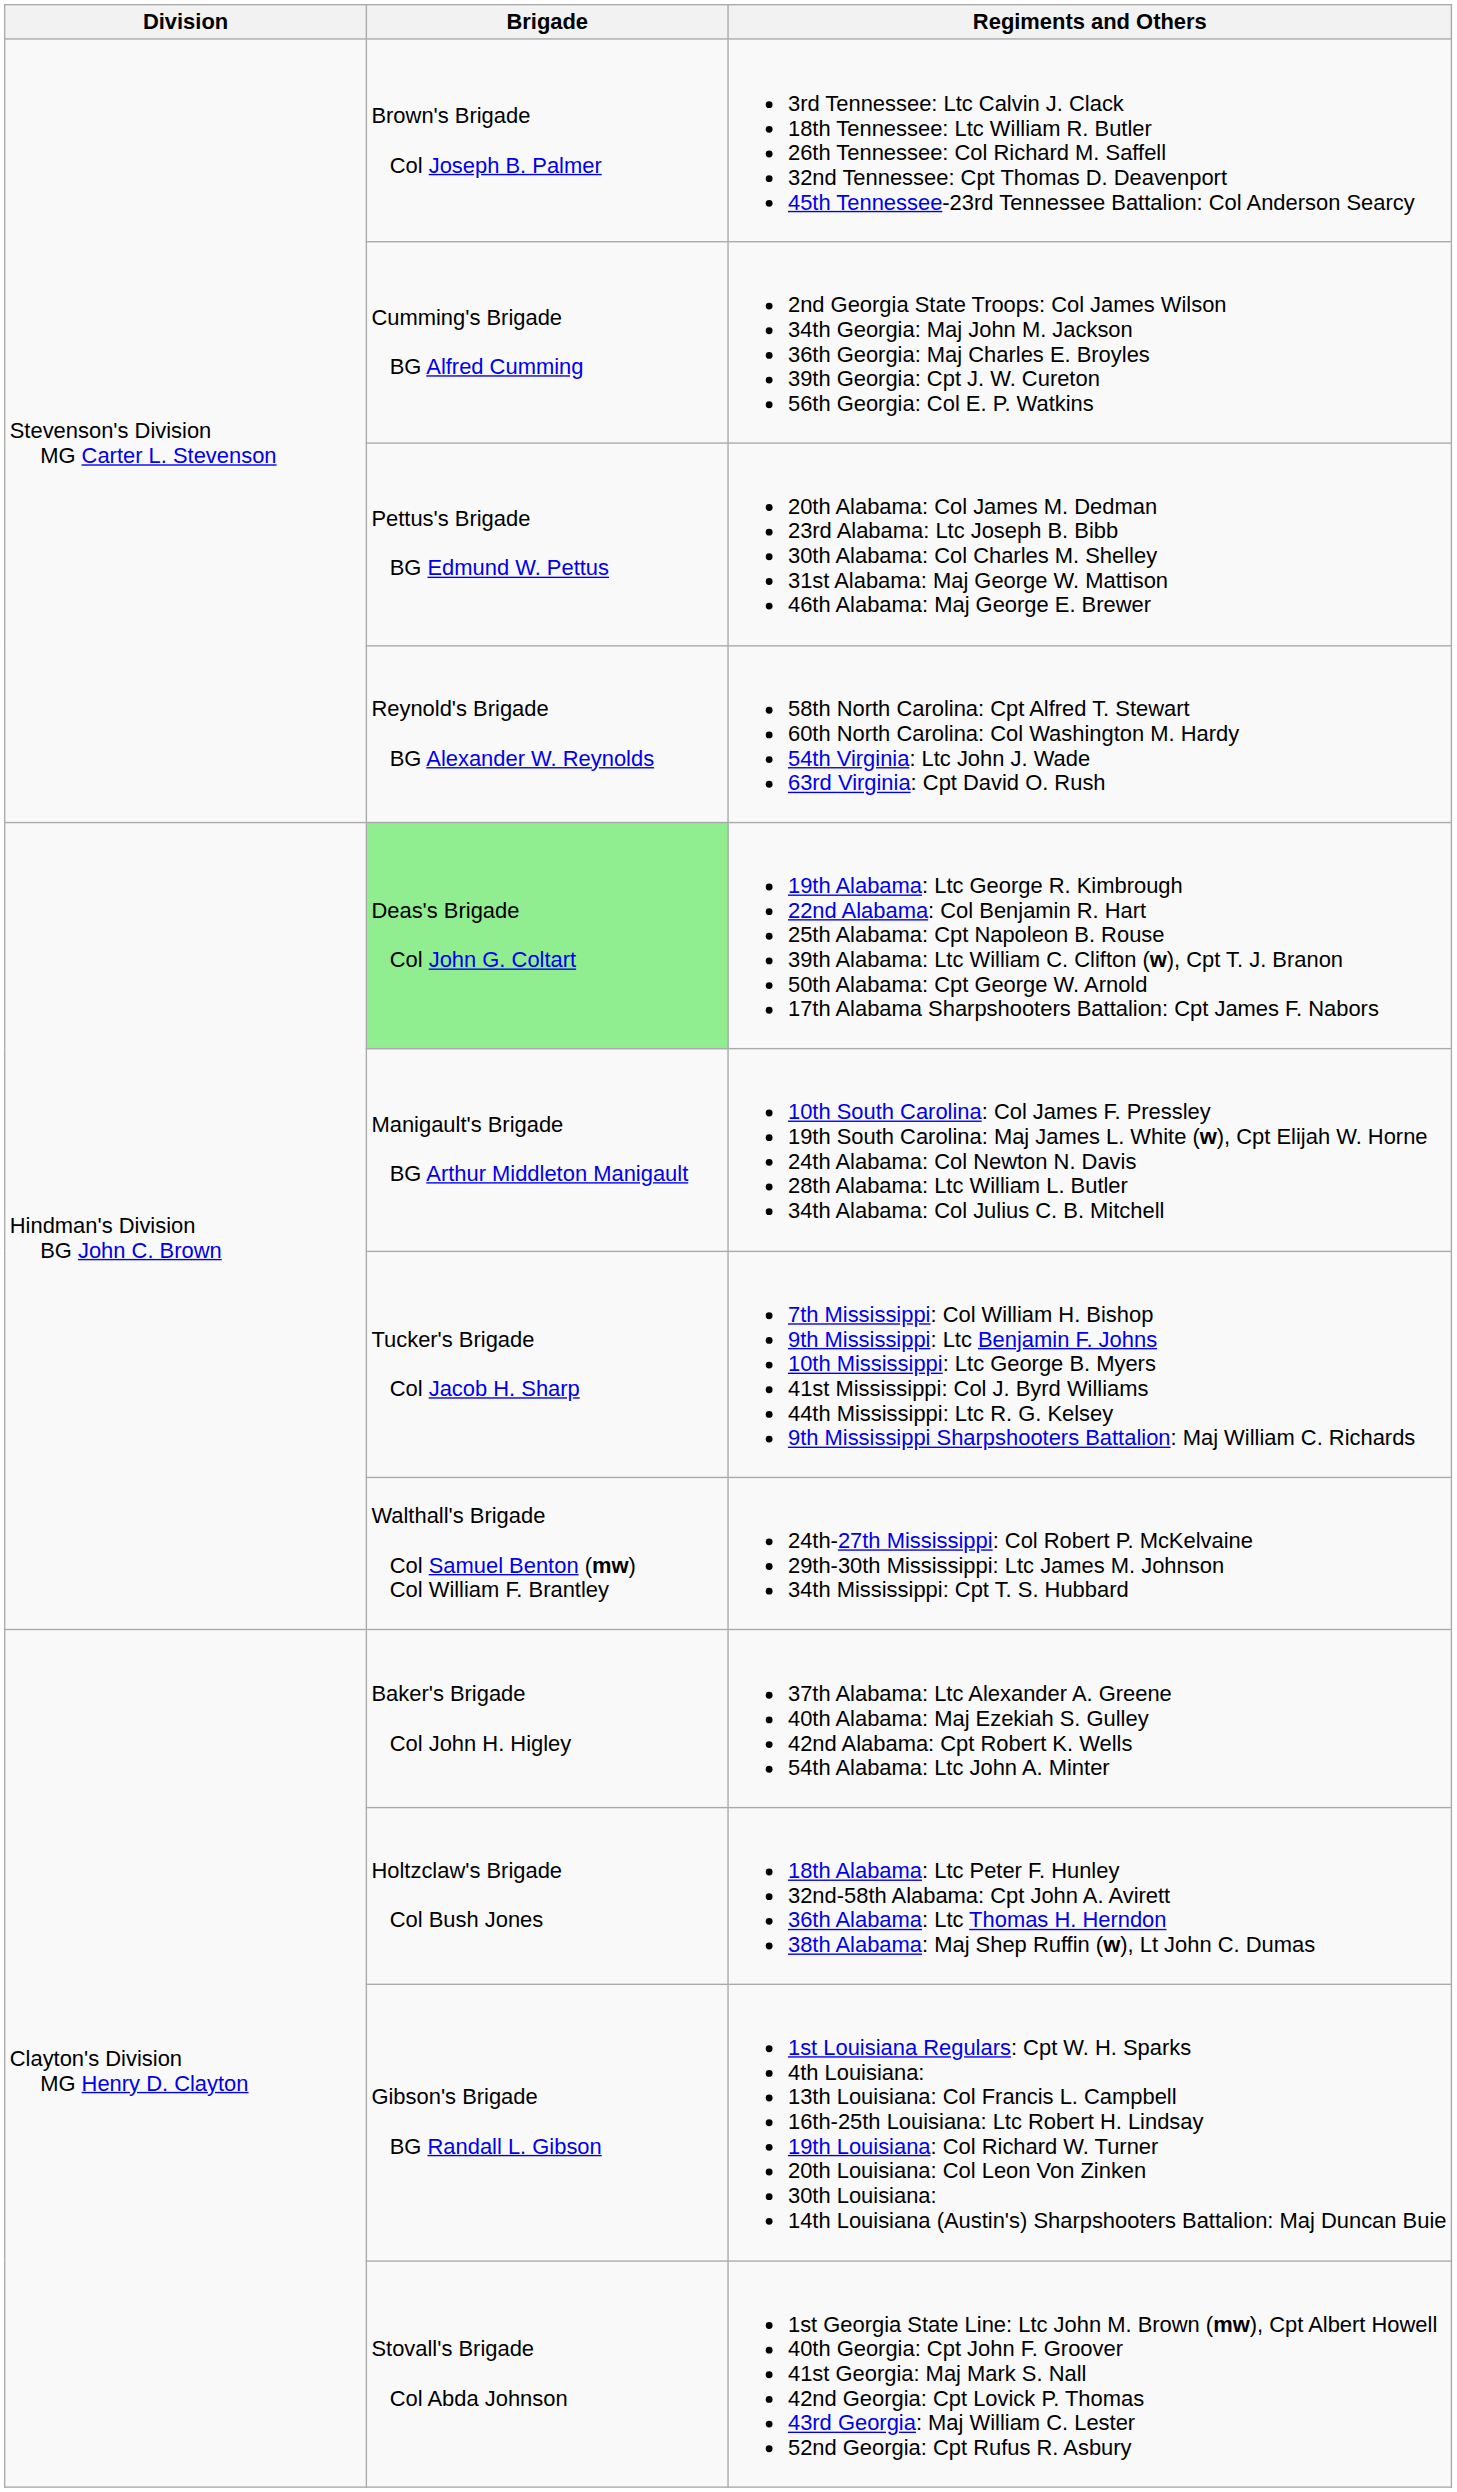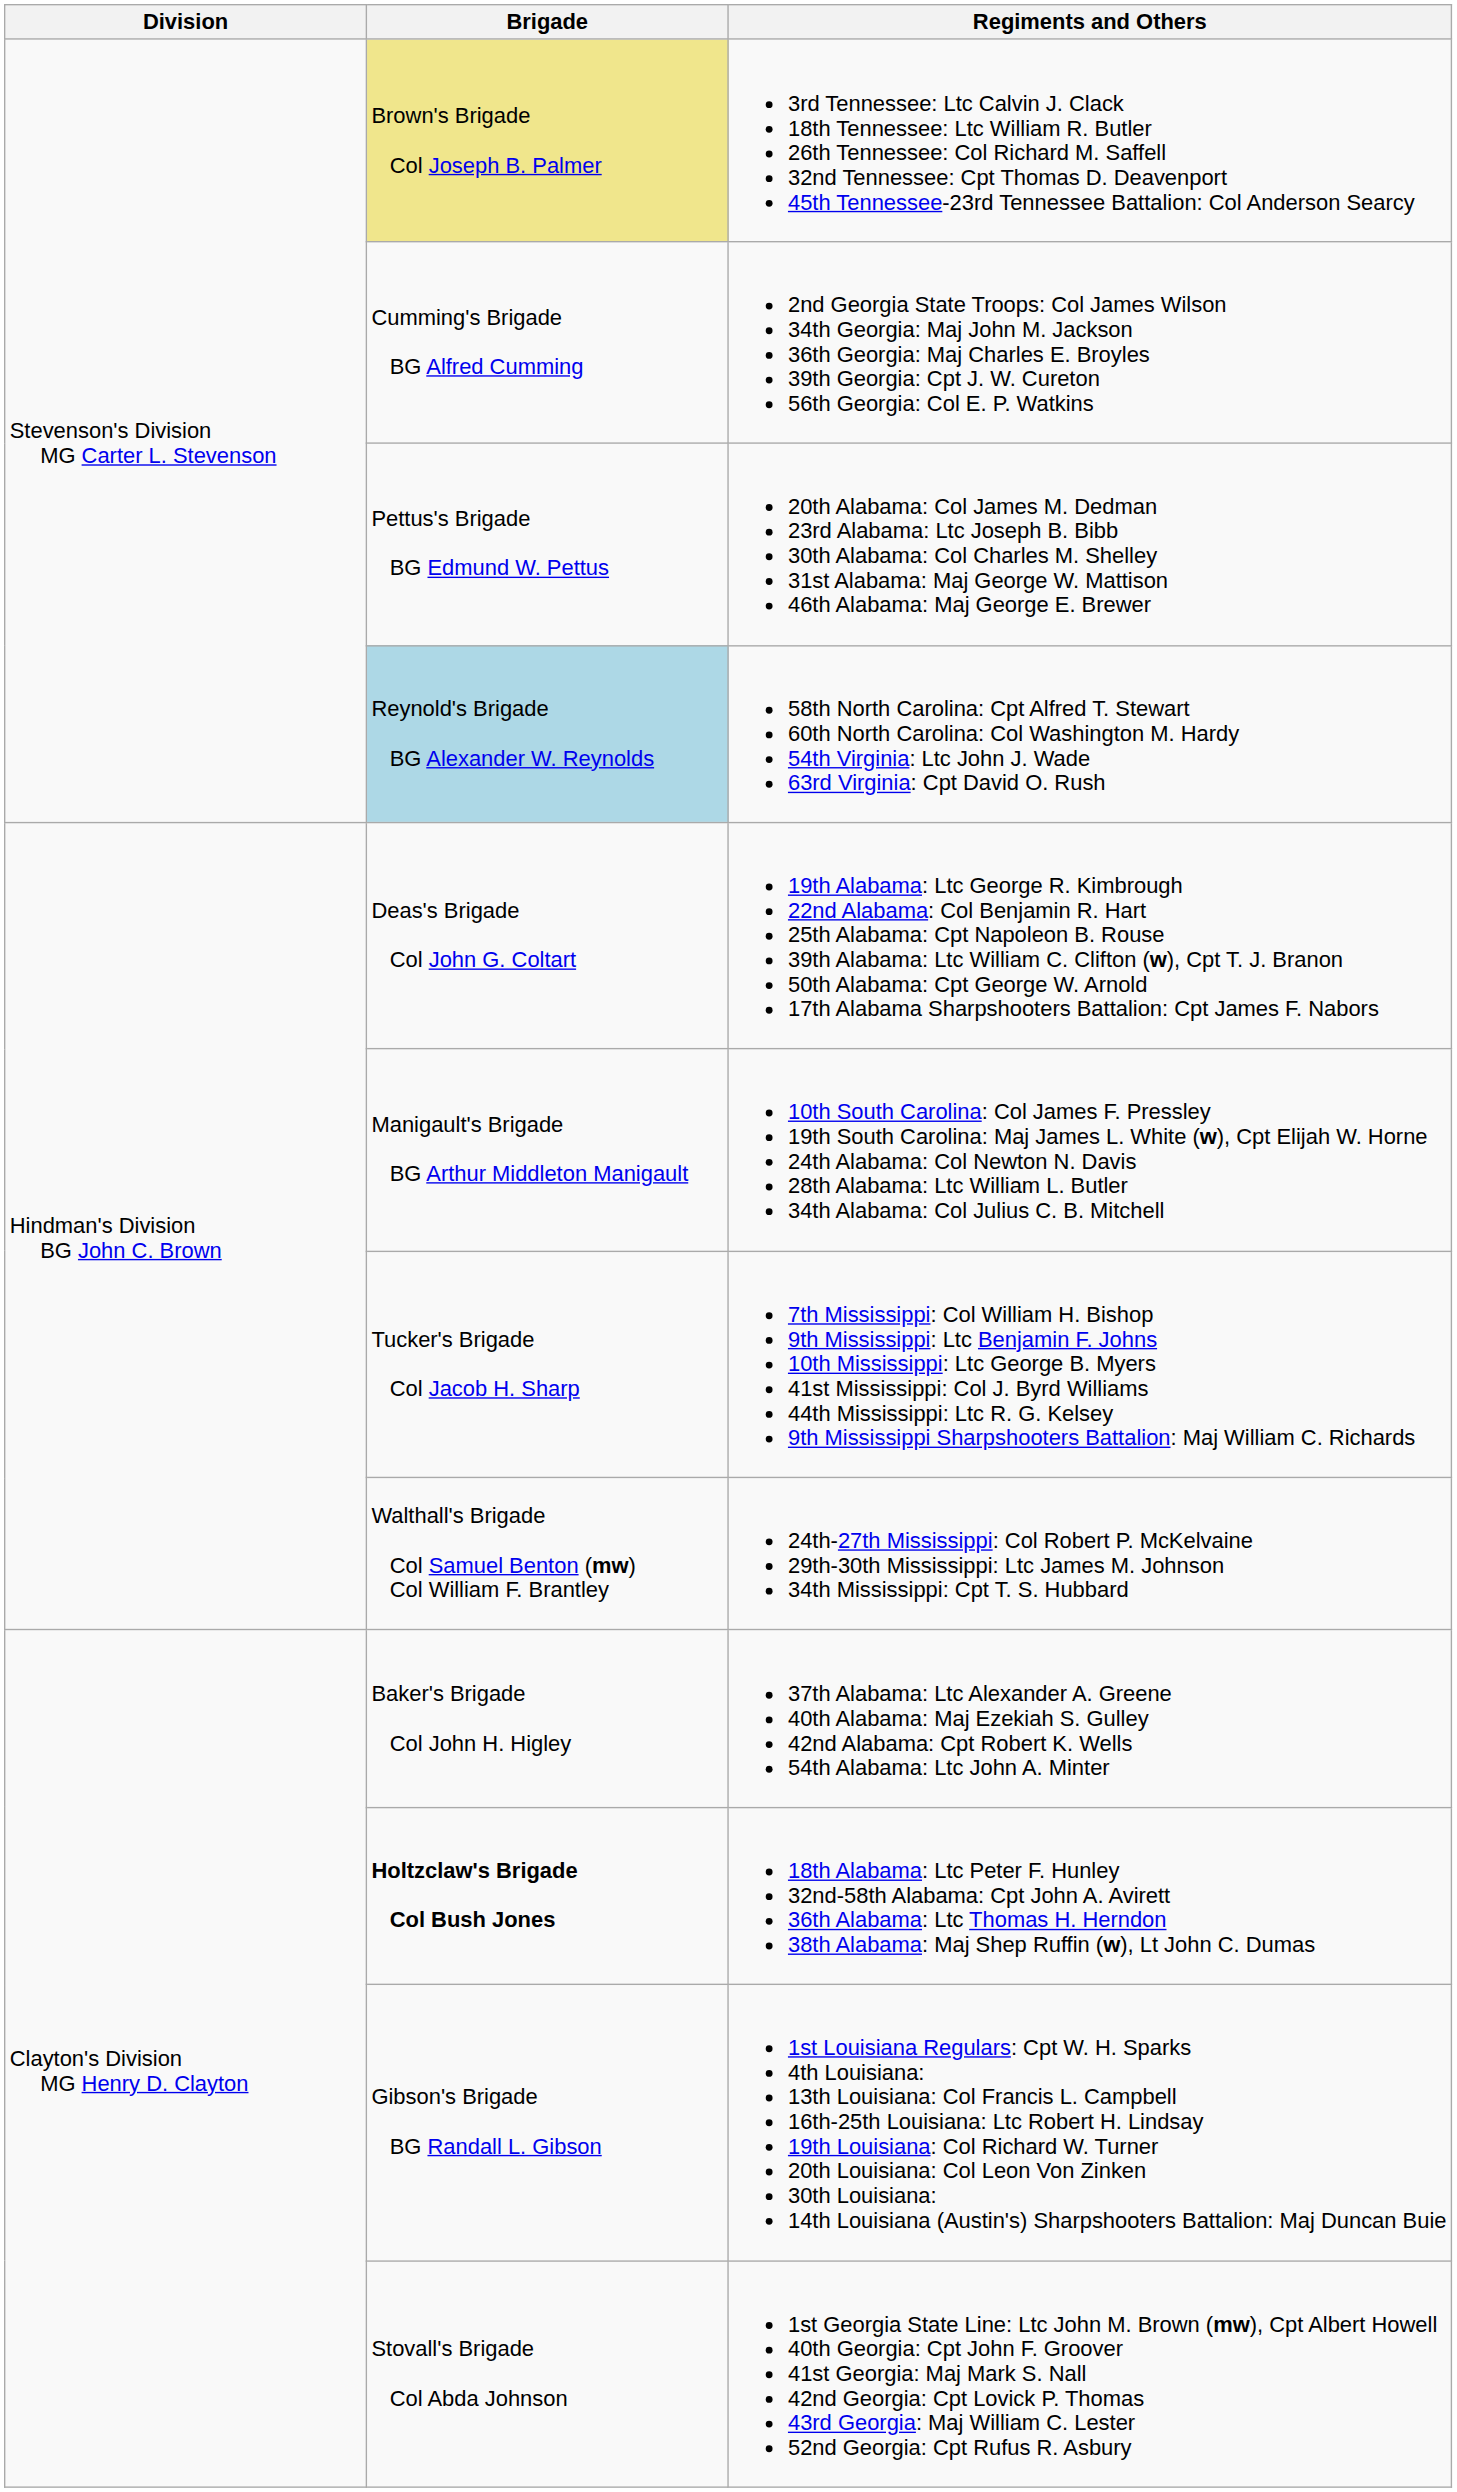 <table class="wikitable">
 <tr>
 <th width=25%>Division</th>
 <th width=25%>Brigade</th>
 <th>Regiments and Others</th>
 </tr>
 <tr>
 <td rowspan=4><br>Stevenson's Division <br>     MG <a href='#'>Carter L. Stevenson</a></td>
-<td>Brown's Brigade<br><br>   Col <a href='#'>Joseph B. Palmer</a></td>
+<td style="background: khaki;">Brown's Brigade<br><br>   Col <a href='#'>Joseph B. Palmer</a></td>
 <td><br><ul><li>3rd Tennessee: Ltc Calvin J. Clack</li><li>18th Tennessee: Ltc William R. Butler</li><li>26th Tennessee: Col Richard M. Saffell</li><li>32nd Tennessee: Cpt Thomas D. Deavenport</li><li><a href='#'>45th Tennessee</a>-23rd Tennessee Battalion: Col Anderson Searcy</li></ul></td>
 </tr>
 <tr>
 <td>Cumming's Brigade<br><br>   BG <a href='#'>Alfred Cumming</a></td>
 <td><br><ul><li>2nd Georgia State Troops: Col James Wilson</li><li>34th Georgia: Maj John M. Jackson</li><li>36th Georgia: Maj Charles E. Broyles</li><li>39th Georgia: Cpt J. W. Cureton</li><li>56th Georgia: Col E. P. Watkins</li></ul></td>
 </tr>
 <tr>
 <td>Pettus's Brigade<br><br>   BG <a href='#'>Edmund W. Pettus</a></td>
 <td><br><ul><li>20th Alabama: Col James M. Dedman</li><li>23rd Alabama: Ltc Joseph B. Bibb</li><li>30th Alabama: Col Charles M. Shelley</li><li>31st Alabama: Maj George W. Mattison</li><li>46th Alabama: Maj George E. Brewer</li></ul></td>
 </tr>
 <tr>
-<td>Reynold's Brigade<br><br>   BG <a href='#'>Alexander W. Reynolds</a></td>
+<td style="background: lightblue;">Reynold's Brigade<br><br>   BG <a href='#'>Alexander W. Reynolds</a></td>
 <td><br><ul><li>58th North Carolina: Cpt Alfred T. Stewart</li><li>60th North Carolina: Col Washington M. Hardy</li><li><a href='#'>54th Virginia</a>: Ltc John J. Wade</li><li><a href='#'>63rd Virginia</a>: Cpt David O. Rush</li></ul></td>
 </tr>
 <tr>
 <td rowspan=4><br>Hindman's Division <br>     BG <a href='#'>John C. Brown</a></td>
-<td style="background: lightgreen;">Deas's Brigade<br><br>   Col <a href='#'>John G. Coltart</a></td>
+<td>Deas's Brigade<br><br>   Col <a href='#'>John G. Coltart</a></td>
 <td><br><ul><li><a href='#'>19th Alabama</a>: Ltc George R. Kimbrough</li><li><a href='#'>22nd Alabama</a>: Col Benjamin R. Hart</li><li>25th Alabama: Cpt Napoleon B. Rouse</li><li>39th Alabama: Ltc William C. Clifton (<strong>w</strong>), Cpt T. J. Branon</li><li>50th Alabama: Cpt George W. Arnold</li><li>17th Alabama Sharpshooters Battalion: Cpt James F. Nabors</li></ul></td>
 </tr>
 <tr>
 <td>Manigault's Brigade<br><br>   BG <a href='#'>Arthur Middleton Manigault</a></td>
 <td><br><ul><li><a href='#'>10th South Carolina</a>: Col James F. Pressley</li><li>19th South Carolina: Maj James L. White (<strong>w</strong>), Cpt Elijah W. Horne</li><li>24th Alabama: Col Newton N. Davis</li><li>28th Alabama: Ltc William L. Butler</li><li>34th Alabama: Col Julius C. B. Mitchell</li></ul></td>
 </tr>
 <tr>
 <td>Tucker's Brigade<br><br>   Col <a href='#'>Jacob H. Sharp</a></td>
 <td><br><ul><li><a href='#'>7th Mississippi</a>: Col William H. Bishop</li><li><a href='#'>9th Mississippi</a>: Ltc <a href='#'>Benjamin F. Johns</a></li><li><a href='#'>10th Mississippi</a>: Ltc George B. Myers</li><li>41st Mississippi: Col J. Byrd Williams</li><li>44th Mississippi: Ltc R. G. Kelsey</li><li><a href='#'>9th Mississippi Sharpshooters Battalion</a>: Maj William C. Richards</li></ul></td>
 </tr>
 <tr>
 <td>Walthall's Brigade<br><br>   Col <a href='#'>Samuel Benton</a> (<strong>mw</strong>) <br>   Col William F. Brantley</td>
 <td><br><ul><li>24th-<a href='#'>27th Mississippi</a>: Col Robert P. McKelvaine</li><li>29th-30th Mississippi: Ltc James M. Johnson</li><li>34th Mississippi: Cpt T. S. Hubbard</li></ul></td>
 </tr>
 <tr>
 <td rowspan=4><br>Clayton's Division <br>     MG <a href='#'>Henry D. Clayton</a></td>
 <td>Baker's Brigade<br><br>   Col John H. Higley</td>
 <td><br><ul><li>37th Alabama: Ltc Alexander A. Greene</li><li>40th Alabama: Maj Ezekiah S. Gulley</li><li>42nd Alabama: Cpt Robert K. Wells</li><li>54th Alabama: Ltc John A. Minter</li></ul></td>
 </tr>
 <tr>
-<td>Holtzclaw's Brigade<br><br>   Col Bush Jones</td>
+<td><strong>Holtzclaw's Brigade<br><br>   Col Bush Jones</strong></td>
 <td><br><ul><li><a href='#'>18th Alabama</a>: Ltc Peter F. Hunley</li><li>32nd-58th Alabama: Cpt John A. Avirett</li><li><a href='#'>36th Alabama</a>: Ltc <a href='#'>Thomas H. Herndon</a></li><li><a href='#'>38th Alabama</a>: Maj Shep Ruffin (<strong>w</strong>), Lt John C. Dumas</li></ul></td>
 </tr>
 <tr>
 <td>Gibson's Brigade<br><br>   BG <a href='#'>Randall L. Gibson</a></td>
 <td><br><ul><li><a href='#'>1st Louisiana Regulars</a>: Cpt W. H. Sparks</li><li>4th Louisiana:</li><li>13th Louisiana: Col Francis L. Campbell</li><li>16th-25th Louisiana: Ltc Robert H. Lindsay</li><li><a href='#'>19th Louisiana</a>: Col Richard W. Turner</li><li>20th Louisiana: Col Leon Von Zinken</li><li>30th Louisiana:</li><li>14th Louisiana (Austin's) Sharpshooters Battalion: Maj Duncan Buie</li></ul></td>
 </tr>
 <tr>
 <td>Stovall's Brigade<br><br>   Col Abda Johnson</td>
 <td><br><ul><li>1st Georgia State Line: Ltc John M. Brown (<strong>mw</strong>), Cpt Albert Howell</li><li>40th Georgia: Cpt John F. Groover</li><li>41st Georgia: Maj Mark S. Nall</li><li>42nd Georgia: Cpt Lovick P. Thomas</li><li><a href='#'>43rd Georgia</a>: Maj William C. Lester</li><li>52nd Georgia: Cpt Rufus R. Asbury</li></ul></td>
 </tr>
 </table>
